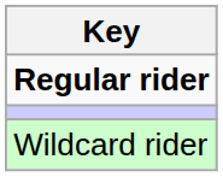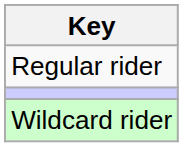 <table class="wikitable" style="font-size: 85%;">
 <tr>
 <th colspan="2">Key</th>
 </tr>
 <tr>
-<td><strong>Regular rider</strong></td>
+<td>Regular rider</td>
 </tr>
 <tr style="background:#ccccff;">
 <td></td>
 </tr>
 <tr style="background:#ccffcc;">
 <td>Wildcard rider</td>
 </tr>
 </table>
